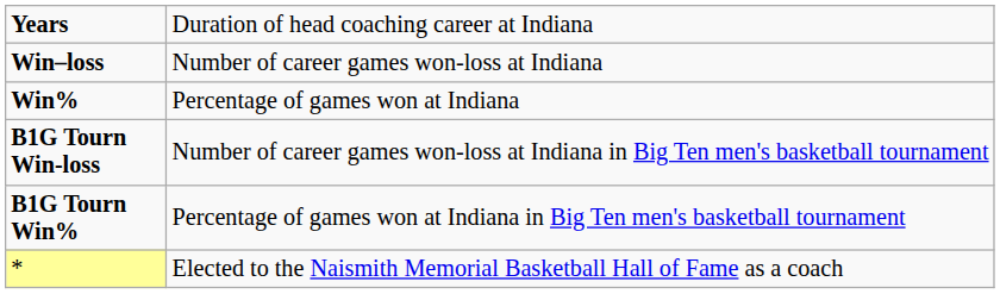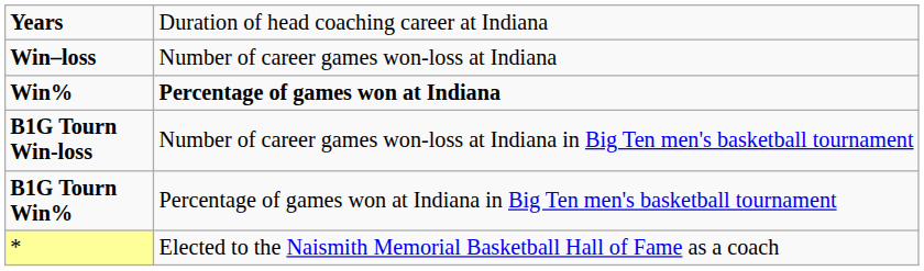 <table class="wikitable">
 <tr>
 <td style="width: 75pt; background-color:#"><strong>Years</strong></td>
 <td>Duration of head coaching career at Indiana</td>
 </tr>
 <tr>
 <td style="background-color:#"><strong>Win–loss</strong></td>
 <td>Number of career games won-loss at Indiana</td>
 </tr>
 <tr>
 <td style="background-color:#"><strong>Win%</strong></td>
-<td>Percentage of games won at Indiana</td>
+<td><strong>Percentage of games won at Indiana</strong></td>
 </tr>
 <tr>
 <td style="background-color:#"><strong>B1G Tourn<br>Win-loss</strong></td>
 <td>Number of career games won-loss at Indiana in <a href='#'>Big Ten men's basketball tournament</a></td>
 </tr>
 <tr>
 <td style="background-color:#"><strong>B1G Tourn<br>Win%</strong></td>
 <td>Percentage of games won at Indiana in <a href='#'>Big Ten men's basketball tournament</a></td>
 </tr>
 <tr>
 <td style="background-color:#FFFF99; border:1px solid #aaaaaa; width:3em">*</td>
 <td>Elected to the <a href='#'>Naismith Memorial Basketball Hall of Fame</a> as a coach</td>
 </tr>
 </table>
